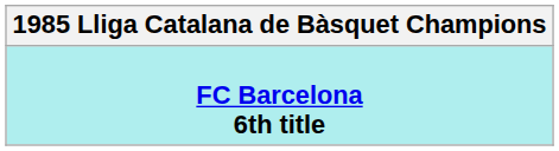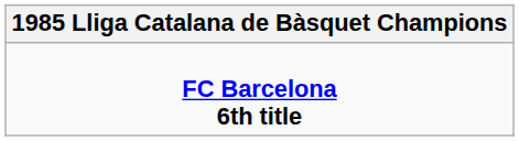 <table class=wikitable style="text-align:center; margin:auto">
 <tr>
 <th>1985 Lliga Catalana de Bàsquet Champions</th>
 </tr>
 <tr>
-<td style="background: paleturquoise;"> <br> <strong><a href='#'>FC Barcelona</a></strong> <br> <strong>6th title</strong></td>
+<td> <br> <strong><a href='#'>FC Barcelona</a></strong> <br> <strong>6th title</strong></td>
 </tr>
 </table>
